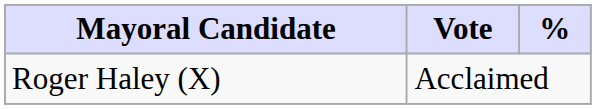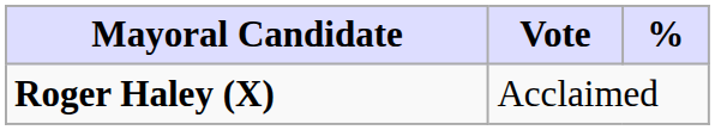 <table class="wikitable">
 <tr>
 <th style="background:#ddf; width:200px;">Mayoral Candidate </th>
 <th style="background:#ddf; width:50px;">Vote</th>
 <th style="background:#ddf; width:30px;">%</th>
 </tr>
 <tr>
-<td>Roger Haley (X)</td>
+<td><strong>Roger Haley (X)</strong></td>
 <td colspan="2">Acclaimed</td>
 </tr>
 </table>
